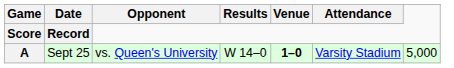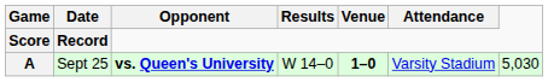 <table class="wikitable" style="text-align:center">
 <tr>
 <th>Game</th>
 <th>Date</th>
 <th>Opponent</th>
 <th>Results</th>
 <th>Venue</th>
 <th>Attendance</th>
 </tr>
 <tr>
 <th>Score</th>
 <th>Record</th>
 </tr>
 <tr style="background:#ddffdd">
 <th>A</th>
 <td>Sept 25</td>
-<td>vs. <a href='#'>Queen's University</a></td>
+<td><strong>vs. <a href='#'>Queen's University</a></strong></td>
 <td>W 14–0</td>
 <td><strong>1–0</strong></td>
 <td><a href='#'>Varsity Stadium</a></td>
-<td>5,000</td>
+<td>5,030</td>
 </tr>
 </table>
